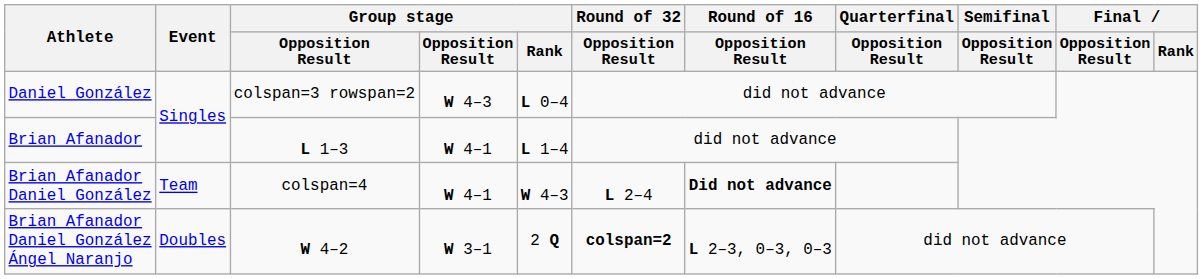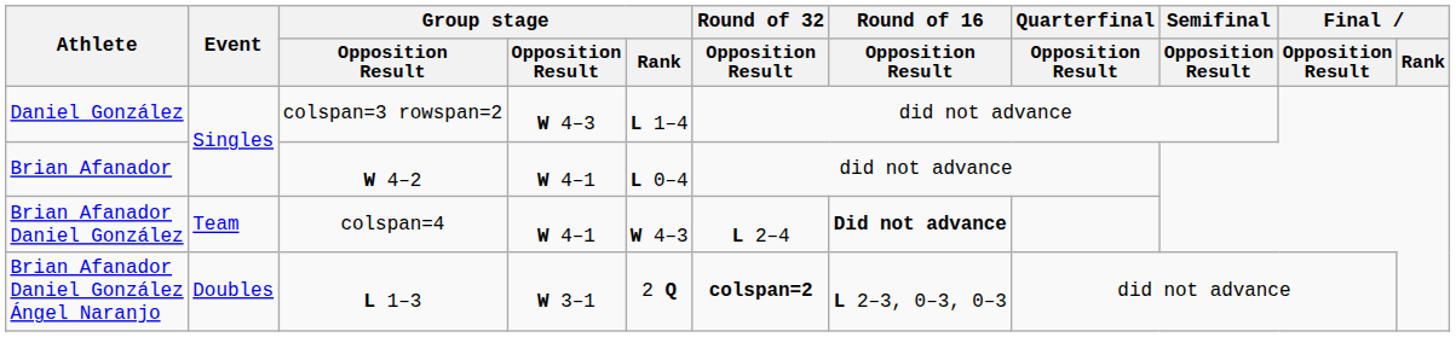 <table class=wikitable style=font-size:90%;text-align:center>
 <tr>
 <th rowspan=2>Athlete</th>
 <th rowspan=2>Event</th>
 <th colspan=3>Group stage</th>
 <th>Round of 32</th>
 <th>Round of 16</th>
 <th>Quarterfinal</th>
 <th>Semifinal</th>
 <th colspan=2>Final / </th>
 </tr>
 <tr style=font-size:95%>
 <th>Opposition<br>Result</th>
 <th>Opposition<br>Result</th>
 <th>Rank</th>
 <th>Opposition<br>Result</th>
 <th>Opposition<br>Result</th>
 <th>Opposition<br>Result</th>
 <th>Opposition<br>Result</th>
 <th>Opposition<br>Result</th>
 <th>Rank</th>
 </tr>
 <tr>
 <td align=left><a href='#'>Daniel González</a></td>
 <td align=left rowspan=2><a href='#'>Singles</a></td>
 <td>colspan=3 rowspan=2 </td>
 <td><br><strong>W</strong> 4–3</td>
-<td><br><strong>L</strong> 0–4</td>
+<td><br><strong>L</strong> 1–4</td>
 <td colspan=4>did not advance</td>
 </tr>
 <tr>
 <td align=left><a href='#'>Brian Afanador</a></td>
-<td><br><strong>L</strong> 1–3</td>
+<td><br><strong>W</strong> 4–2</td>
 <td><br><strong>W</strong> 4–1</td>
-<td><br><strong>L</strong> 1–4</td>
+<td><br><strong>L</strong> 0–4</td>
 <td colspan=3>did not advance</td>
 </tr>
 <tr>
 <td align=left><a href='#'>Brian Afanador</a><br><a href='#'>Daniel González</a></td>
 <td align=left><a href='#'>Team</a></td>
 <td>colspan=4 </td>
 <td><br><strong>W</strong> 4–1</td>
 <td><br><strong>W</strong> 4–3</td>
 <td><br><strong>L</strong> 2–4</td>
 <td><strong>Did not advance</strong></td>
 <td></td>
 </tr>
 <tr>
 <td align=left><a href='#'>Brian Afanador</a><br><a href='#'>Daniel González</a><br><a href='#'>Ángel Naranjo</a></td>
 <td align=left><a href='#'>Doubles</a></td>
-<td><br><strong>W</strong> 4–2</td>
+<td><br><strong>L</strong> 1–3</td>
 <td><br><strong>W</strong> 3–1</td>
 <td>2 <strong>Q</strong></td>
 <td><strong>colspan=2 </strong></td>
 <td><br><strong>L</strong> 2–3, 0–3, 0–3</td>
 <td colspan=3>did not advance</td>
 </tr>
 </table>
